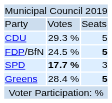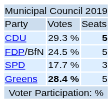 <table border=0>
 <tr bgcolor=#FFFFFF>
 </tr>
 <tr bgcolor=#CCDDEE>
 <td colspan=6 align=center>Municipal Council 2019</td>
 </tr>
 <tr bgcolor=#CCDDEE>
 <td>Party</td>
 <td>Votes</td>
 <td>Seats</td>
 </tr>
 <tr bgcolor=#DDEEFF>
 <td><a href='#'>CDU</a></td>
 <td align=right>29.3 %</td>
-<td align=right>5</td>
+<td align=right><strong>5</strong></td>
 </tr>
 <tr bgcolor=#DDEEFF>
 <td><a href='#'>FDP</a>/BfN</td>
 <td align=right>24.5 %</td>
-<td align=right><strong>5</strong></td>
+<td align=right>5</td>
 </tr>
 <tr bgcolor=#DDEEFF>
 <td><a href='#'>SPD</a></td>
-<td align=right><strong>17.7 %</strong></td>
+<td align=right>17.7 %</td>
 <td align=right>3</td>
 </tr>
 <tr bgcolor=#DDEEFF>
 <td><a href='#'>Greens</a></td>
-<td align=right>28.4 %</td>
-<td align=right><strong>5</strong></td>
+<td align=right><strong>28.4 %</strong></td>
+<td align=right>5</td>
 </tr>
 <tr bgcolor=#CCDDEE>
 <td colspan=6 align=center>Voter Participation:  %</td>
 </tr>
 </table>
